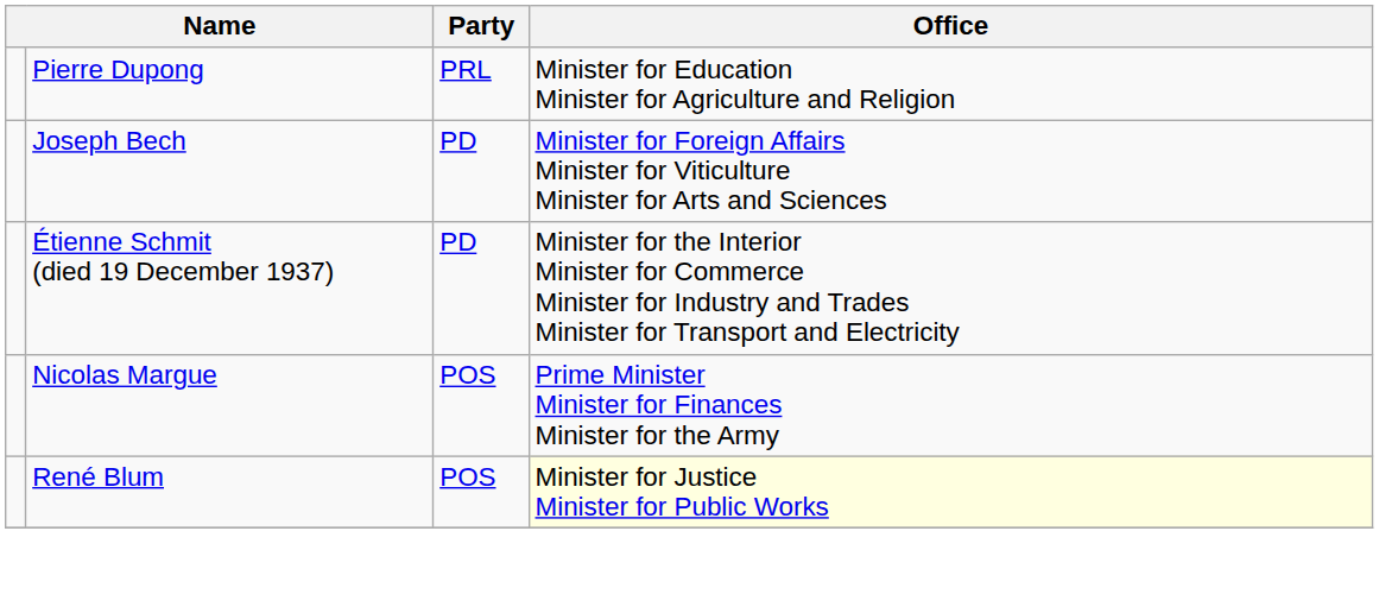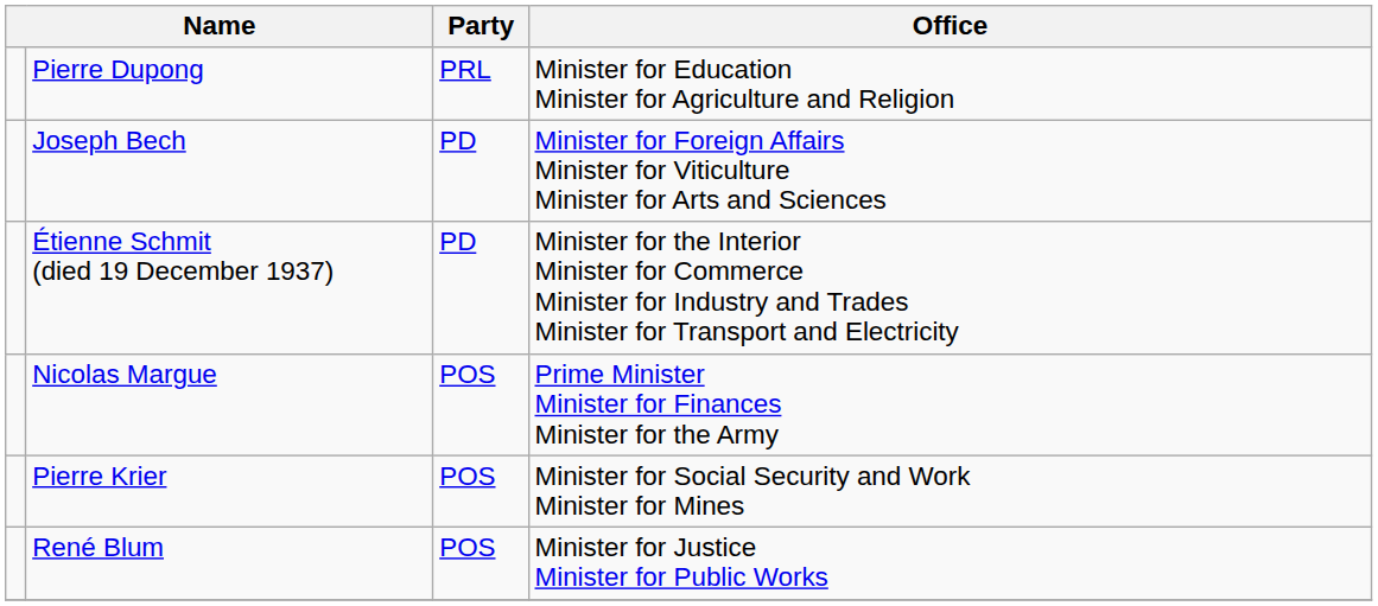 <table class="wikitable">
 <tr>
 <th colspan=2 width=250px>Name</th>
 <th width=50px>Party</th>
 <th width=500px>Office</th>
 </tr>
 <tr>
 <td width=5px style="background-color: "></td>
 <td valign=top><a href='#'>Pierre Dupong</a></td>
 <td valign=top><a href='#'>PRL</a></td>
 <td>Minister for Education <br> Minister for Agriculture and Religion</td>
 </tr>
 <tr>
 <td width=5px style="background-color: "></td>
 <td valign=top><a href='#'>Joseph Bech</a></td>
 <td valign=top><a href='#'>PD</a></td>
 <td><a href='#'>Minister for Foreign Affairs</a> <br> Minister for Viticulture <br> Minister for Arts and Sciences</td>
 </tr>
 <tr>
 <td style="background-color: "></td>
 <td valign=top><a href='#'>Étienne Schmit</a> <br> (died 19 December 1937)</td>
 <td valign=top><a href='#'>PD</a></td>
 <td>Minister for the Interior <br> Minister for Commerce <br> Minister for Industry and Trades <br> Minister for Transport and Electricity</td>
 </tr>
 <tr>
 <td style="background-color: "></td>
 <td valign=top><a href='#'>Nicolas Margue</a></td>
 <td valign=top><a href='#'>POS</a></td>
 <td><a href='#'>Prime Minister</a> <br> <a href='#'>Minister for Finances</a> <br> Minister for the Army</td>
 </tr>
 <tr>
 <td style="background-color: "></td>
+<td valign=top><a href='#'>Pierre Krier</a></td>
+<td valign=top><a href='#'>POS</a></td>
+<td>Minister for Social Security and Work <br> Minister for Mines</td>
+</tr>
+<tr>
+<td style="background-color: "></td>
 <td valign=top><a href='#'>René Blum</a></td>
 <td valign=top><a href='#'>POS</a></td>
-<td style="background: lightyellow;">Minister for Justice <br> <a href='#'>Minister for Public Works</a></td>
+<td>Minister for Justice <br> <a href='#'>Minister for Public Works</a></td>
 </tr>
 <tr>
 </tr>
 </table>
